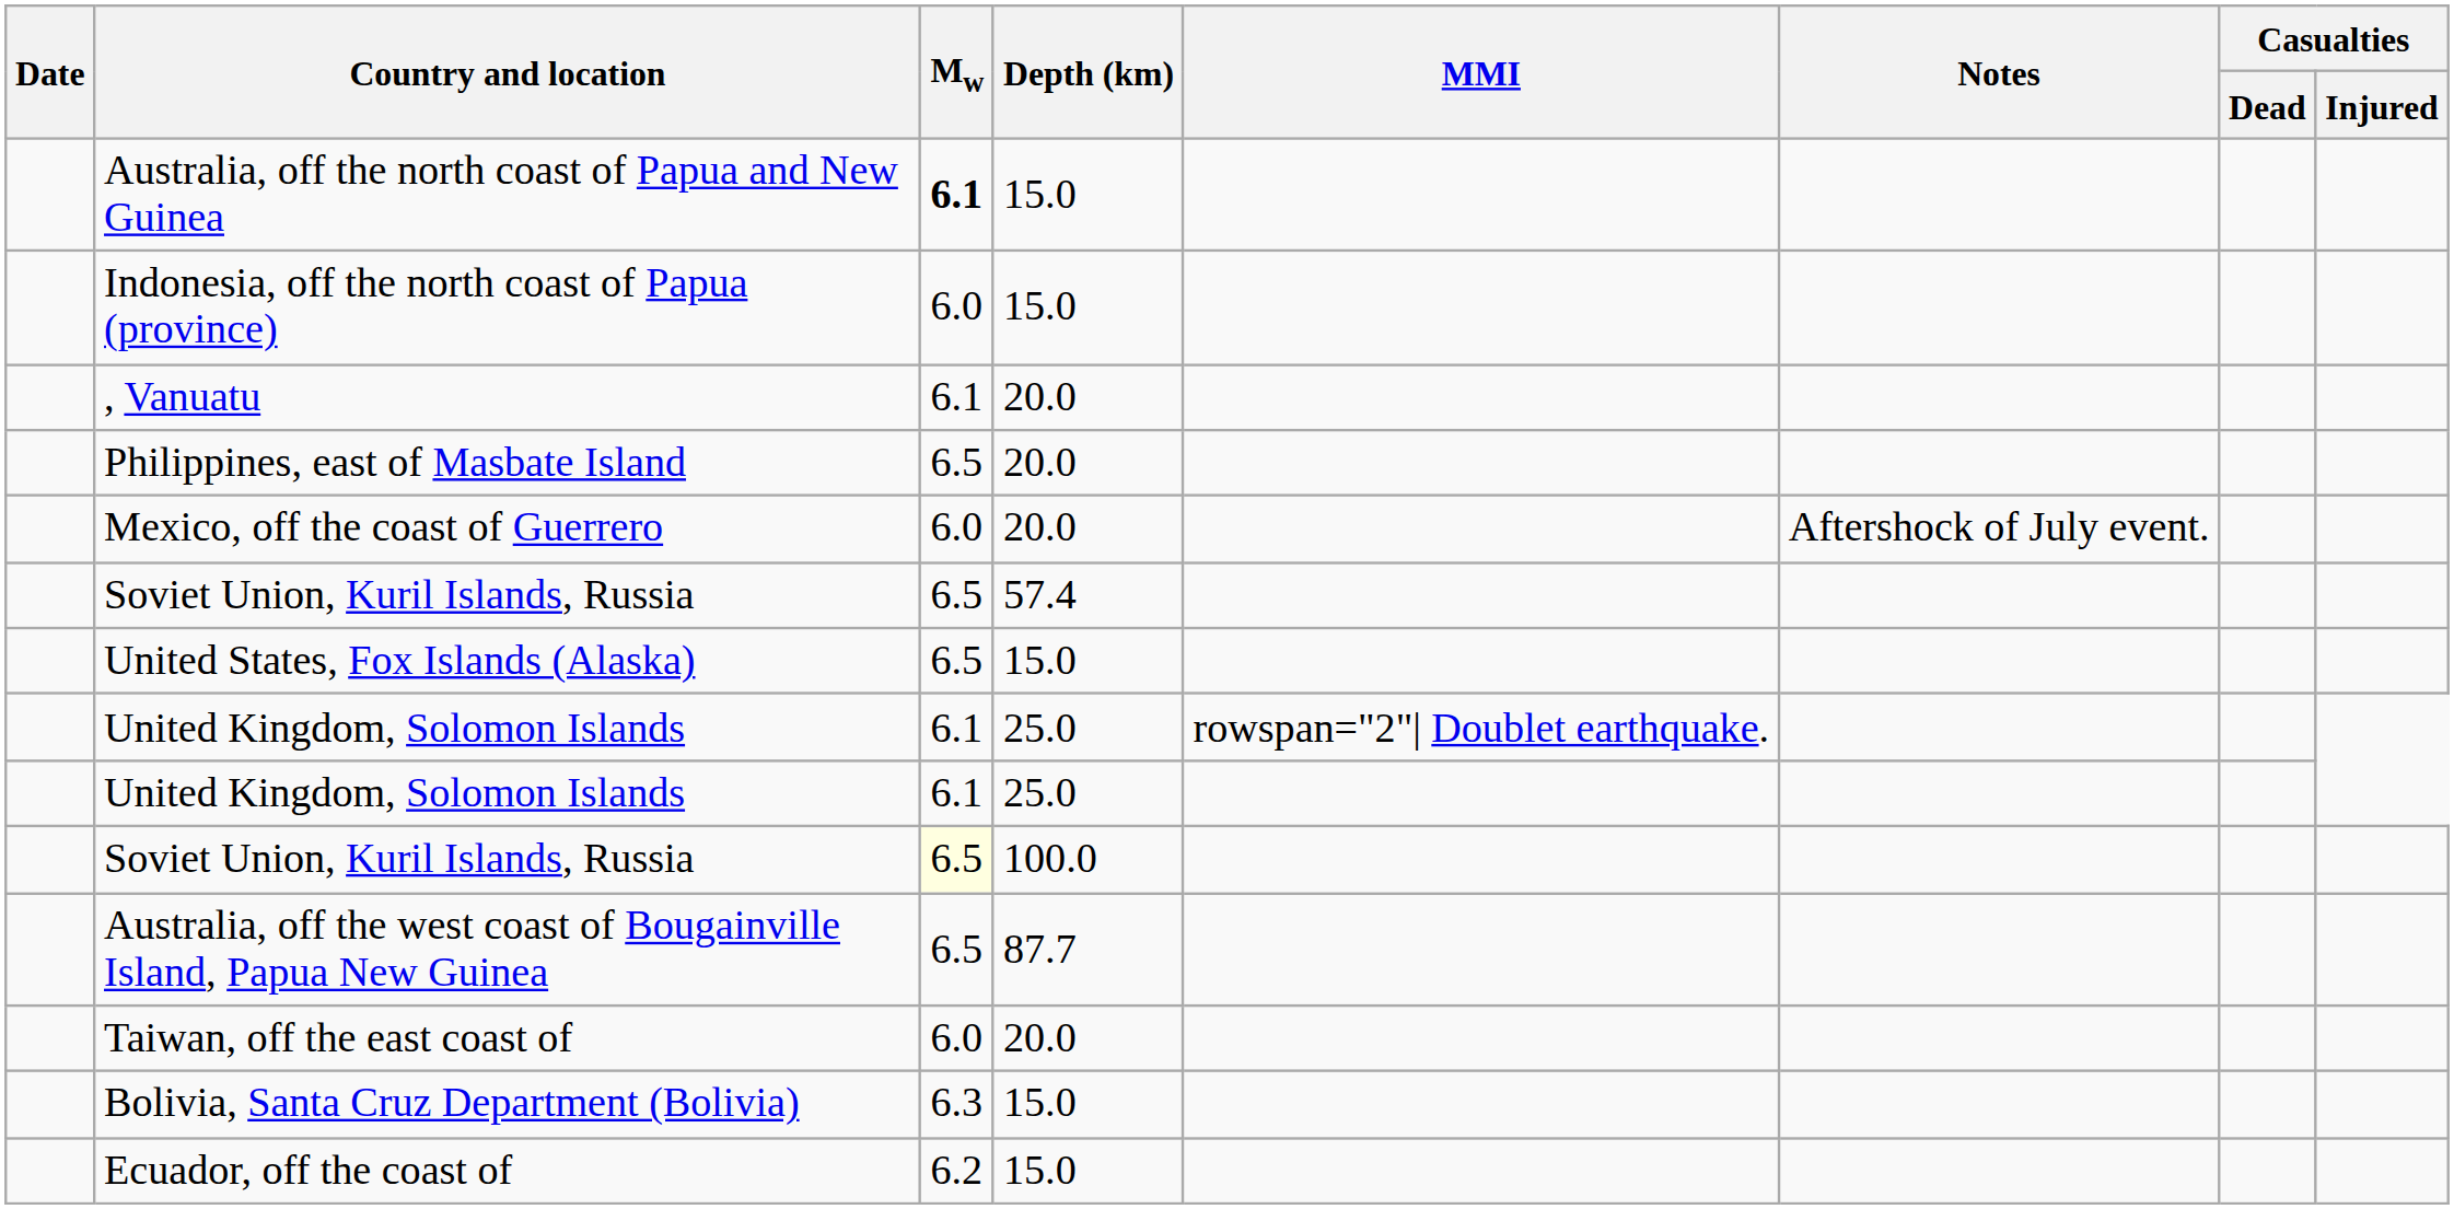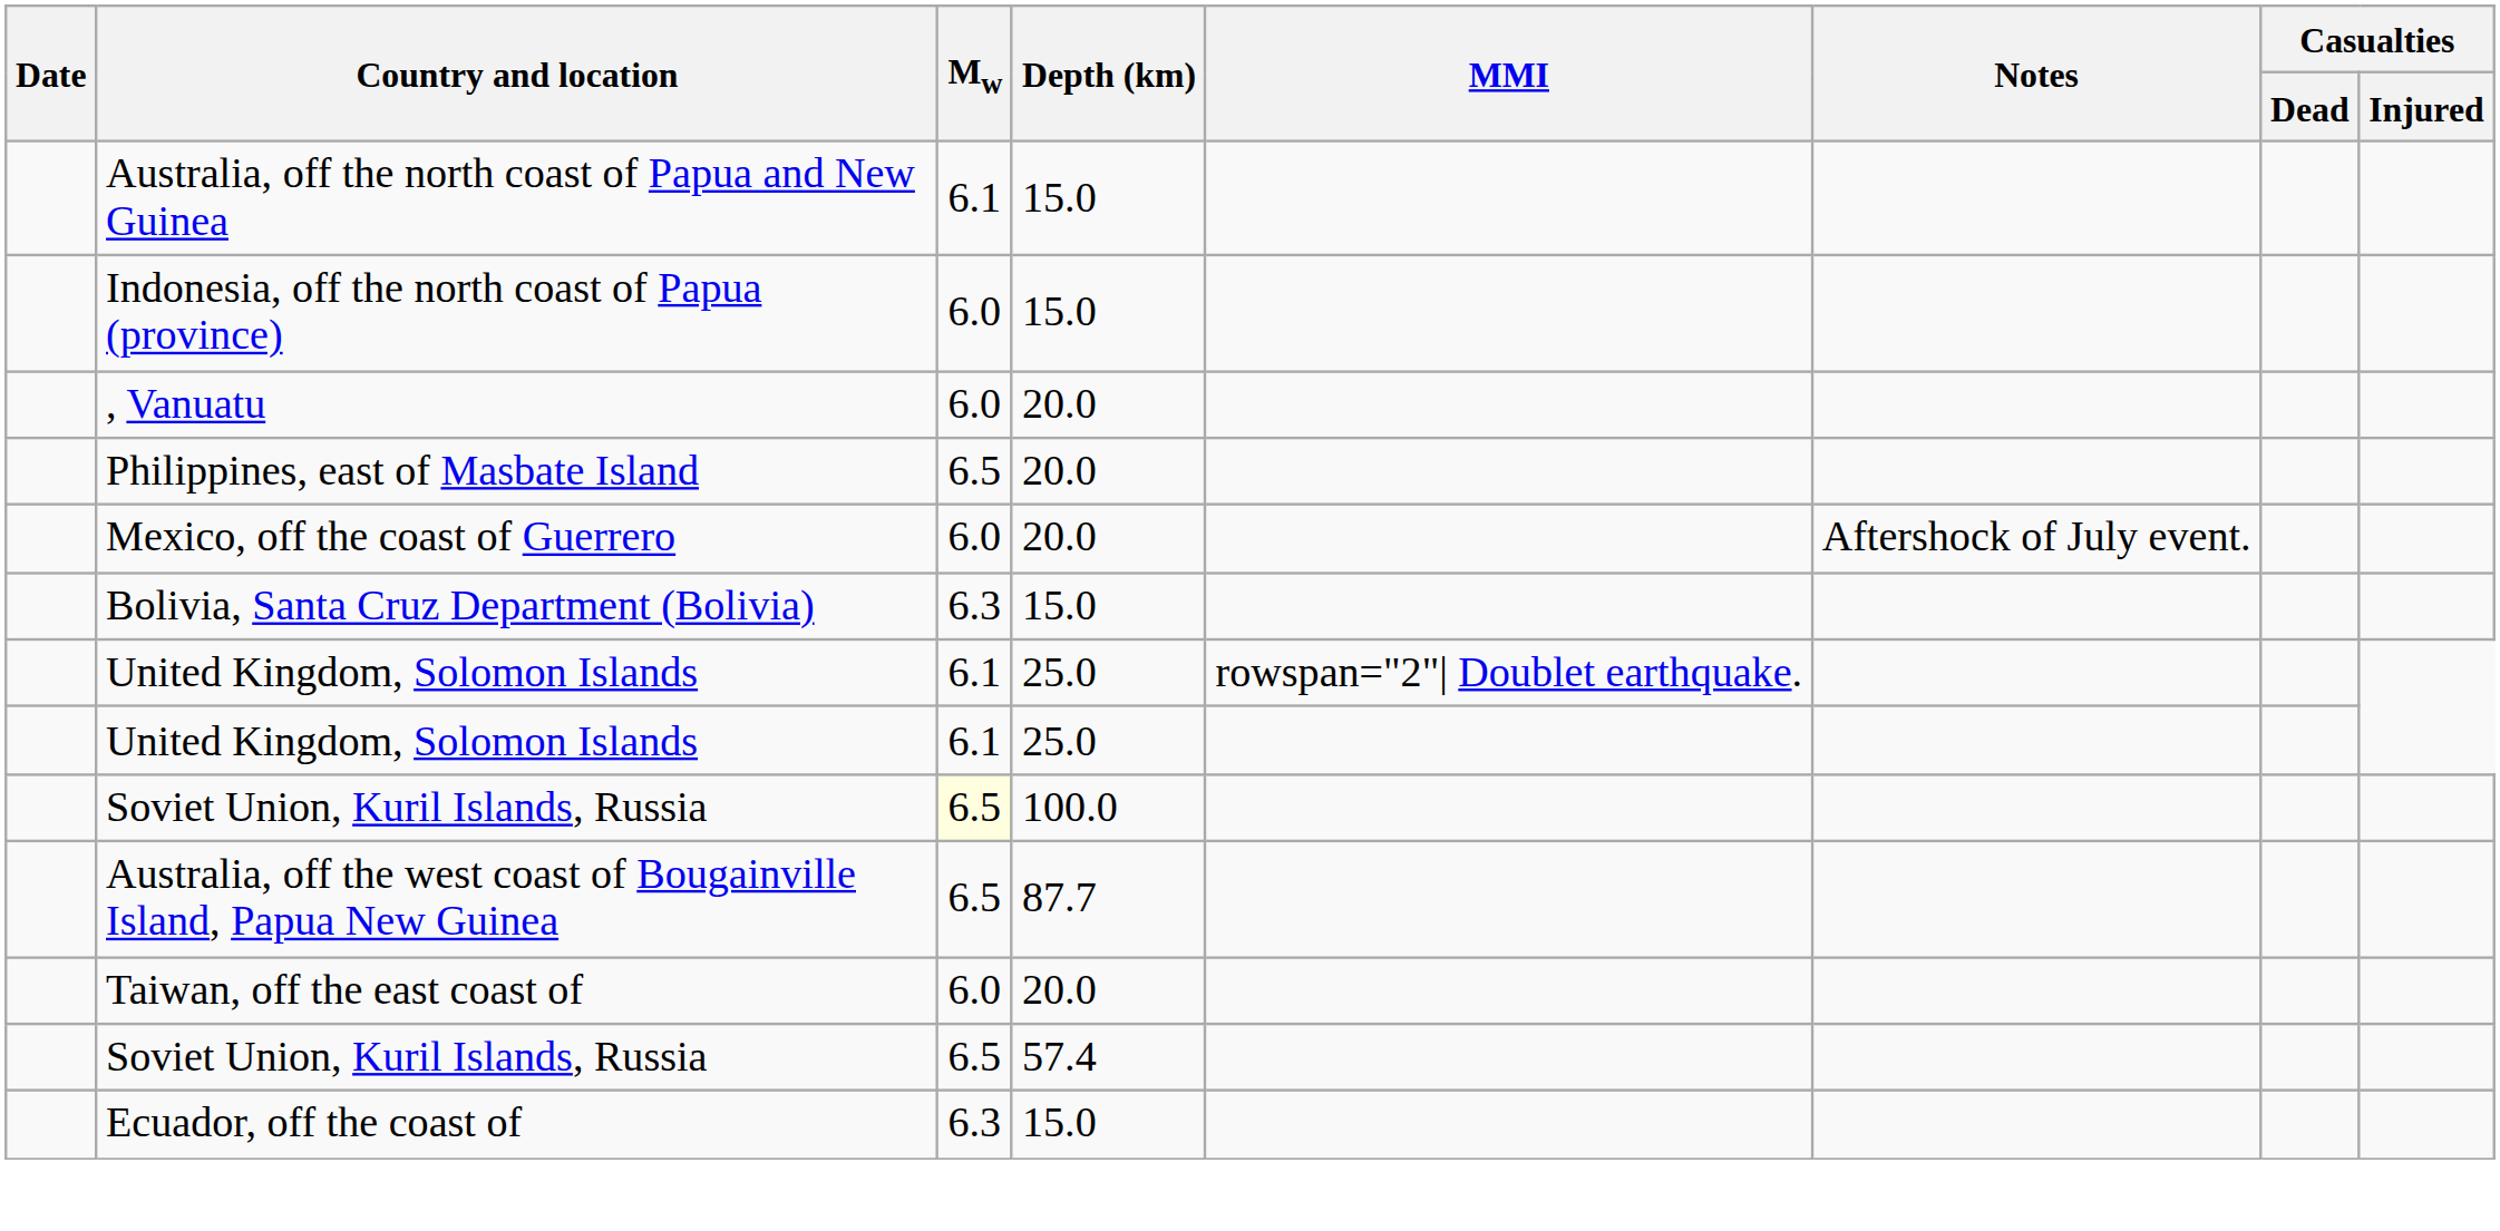 <table class="wikitable sortable sort-under" style="border:1px black; margin-left:1em;">
 <tr>
 <th rowspan="2"><small>Date</small></th>
 <th rowspan="2" style="width: 310px"><small>Country and location</small></th>
 <th rowspan="2"><small>M<sub>w</sub></small></th>
 <th rowspan="2"><small>Depth (km)</small></th>
 <th rowspan="2"><small><a href='#'>MMI</a></small></th>
 <th rowspan="2" class="unsortable"><small>Notes</small></th>
 <th colspan="2"><small>Casualties</small></th>
 </tr>
 <tr>
 <th><small>Dead</small></th>
 <th><small>Injured</small></th>
 </tr>
 <tr>
 <td></td>
 <td>Australia, off the north coast of <a href='#'>Papua and New Guinea</a></td>
-<td><strong>6.1</strong></td>
+<td>6.1</td>
 <td>15.0</td>
 <td></td>
 <td></td>
 <td></td>
 <td></td>
 </tr>
 <tr>
 <td></td>
 <td>Indonesia, off the north coast of <a href='#'>Papua (province)</a></td>
 <td>6.0</td>
 <td>15.0</td>
 <td></td>
 <td></td>
 <td></td>
 <td></td>
 </tr>
 <tr>
 <td></td>
 <td>, <a href='#'>Vanuatu</a></td>
-<td>6.1</td>
+<td>6.0</td>
 <td>20.0</td>
 <td></td>
 <td></td>
 <td></td>
 <td></td>
 </tr>
 <tr>
 <td></td>
 <td>Philippines, east of <a href='#'>Masbate Island</a></td>
 <td>6.5</td>
 <td>20.0</td>
 <td></td>
 <td></td>
 <td></td>
 <td></td>
 </tr>
 <tr>
 <td></td>
 <td>Mexico, off the coast of <a href='#'>Guerrero</a></td>
 <td>6.0</td>
 <td>20.0</td>
 <td></td>
 <td>Aftershock of July event.</td>
 <td></td>
 <td></td>
 </tr>
 <tr>
 <td></td>
-<td>Soviet Union, <a href='#'>Kuril Islands</a>, Russia</td>
-<td>6.5</td>
-<td>57.4</td>
-<td></td>
-<td></td>
-<td></td>
-<td></td>
-</tr>
-<tr>
-<td></td>
-<td>United States, <a href='#'>Fox Islands (Alaska)</a></td>
-<td>6.5</td>
+<td>Bolivia, <a href='#'>Santa Cruz Department (Bolivia)</a></td>
+<td>6.3</td>
 <td>15.0</td>
 <td></td>
 <td></td>
 <td></td>
 <td></td>
 </tr>
 <tr>
 <td></td>
 <td>United Kingdom, <a href='#'>Solomon Islands</a></td>
 <td>6.1</td>
 <td>25.0</td>
 <td>rowspan="2"| <a href='#'>Doublet earthquake</a>.</td>
 <td></td>
 <td></td>
 </tr>
 <tr>
 <td></td>
 <td>United Kingdom, <a href='#'>Solomon Islands</a></td>
 <td>6.1</td>
 <td>25.0</td>
 <td></td>
 <td></td>
 <td></td>
 </tr>
 <tr>
 <td></td>
 <td>Soviet Union, <a href='#'>Kuril Islands</a>, Russia</td>
 <td style="background: lightyellow;">6.5</td>
 <td>100.0</td>
 <td></td>
 <td></td>
 <td></td>
 <td></td>
 </tr>
 <tr>
 <td></td>
 <td>Australia, off the west coast of <a href='#'>Bougainville Island</a>, <a href='#'>Papua New Guinea</a></td>
 <td>6.5</td>
 <td>87.7</td>
 <td></td>
 <td></td>
 <td></td>
 <td></td>
 </tr>
 <tr>
 <td></td>
 <td>Taiwan, off the east coast of</td>
 <td>6.0</td>
 <td>20.0</td>
 <td></td>
 <td></td>
 <td></td>
 <td></td>
 </tr>
 <tr>
 <td></td>
-<td>Bolivia, <a href='#'>Santa Cruz Department (Bolivia)</a></td>
-<td>6.3</td>
-<td>15.0</td>
+<td>Soviet Union, <a href='#'>Kuril Islands</a>, Russia</td>
+<td>6.5</td>
+<td>57.4</td>
 <td></td>
 <td></td>
 <td></td>
 <td></td>
 </tr>
 <tr>
 <td></td>
 <td>Ecuador, off the coast of</td>
-<td>6.2</td>
+<td>6.3</td>
 <td>15.0</td>
 <td></td>
 <td></td>
 <td></td>
 <td></td>
 </tr>
 </table>
